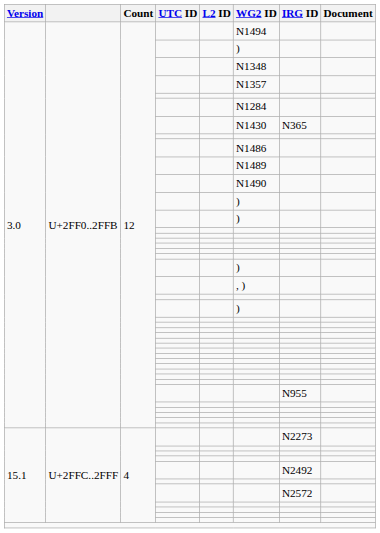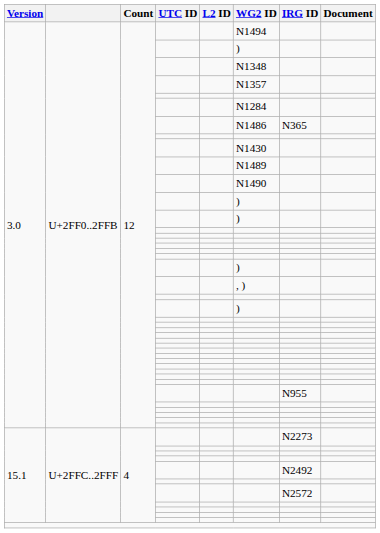 <table class="wikitable collapsible sticky-header">
 <tr>
 <th><a href='#'>Version</a></th>
 <th></th>
 <th>Count</th>
 <th><a href='#'>UTC</a> ID</th>
 <th><a href='#'>L2</a> ID</th>
 <th><a href='#'>WG2</a> ID</th>
 <th><a href='#'>IRG</a> ID</th>
 <th>Document</th>
 </tr>
 <tr>
 <td rowspan="42">3.0</td>
 <td rowspan="42">U+2FF0..2FFB</td>
 <td rowspan="42">12</td>
 <td></td>
 <td></td>
 <td>N1494</td>
 <td></td>
 <td></td>
 </tr>
 <tr>
 <td></td>
 <td></td>
 <td> )</td>
 <td></td>
 <td></td>
 </tr>
 <tr>
 <td></td>
 <td></td>
 <td>N1348</td>
 <td></td>
 <td></td>
 </tr>
 <tr>
 <td></td>
 <td></td>
 <td>N1357</td>
 <td></td>
 <td></td>
 </tr>
 <tr>
 <td></td>
 <td></td>
 <td></td>
 <td></td>
 <td></td>
 </tr>
 <tr>
 <td></td>
 <td></td>
 <td>N1284</td>
 <td></td>
 <td></td>
 </tr>
 <tr>
 <td></td>
 <td></td>
-<td>N1430</td>
+<td>N1486</td>
 <td>N365</td>
 <td></td>
 </tr>
 <tr>
 <td></td>
 <td></td>
 <td></td>
 <td></td>
 <td></td>
 </tr>
 <tr>
 <td></td>
 <td></td>
-<td>N1486</td>
+<td>N1430</td>
 <td></td>
 <td></td>
 </tr>
 <tr>
 <td></td>
 <td></td>
 <td>N1489</td>
 <td></td>
 <td></td>
 </tr>
 <tr>
 <td></td>
 <td></td>
 <td>N1490</td>
 <td></td>
 <td></td>
 </tr>
 <tr>
 <td></td>
 <td></td>
 <td> )</td>
 <td></td>
 <td></td>
 </tr>
 <tr>
 <td></td>
 <td></td>
 <td> )</td>
 <td></td>
 <td></td>
 </tr>
 <tr>
 <td></td>
 <td></td>
 <td></td>
 <td></td>
 <td></td>
 </tr>
 <tr>
 <td></td>
 <td></td>
 <td></td>
 <td></td>
 <td></td>
 </tr>
 <tr>
 <td></td>
 <td></td>
 <td></td>
 <td></td>
 <td></td>
 </tr>
 <tr>
 <td></td>
 <td></td>
 <td></td>
 <td></td>
 <td></td>
 </tr>
 <tr>
 <td></td>
 <td></td>
 <td></td>
 <td></td>
 <td></td>
 </tr>
 <tr>
 <td></td>
 <td></td>
 <td></td>
 <td></td>
 <td></td>
 </tr>
 <tr>
 <td></td>
 <td></td>
 <td> )</td>
 <td></td>
 <td></td>
 </tr>
 <tr>
 <td></td>
 <td></td>
 <td> , )</td>
 <td></td>
 <td></td>
 </tr>
 <tr>
 <td></td>
 <td></td>
 <td></td>
 <td></td>
 <td></td>
 </tr>
 <tr>
 <td></td>
 <td></td>
 <td> )</td>
 <td></td>
 <td></td>
 </tr>
 <tr>
 <td></td>
 <td></td>
 <td></td>
 <td></td>
 <td></td>
 </tr>
 <tr>
 <td></td>
 <td></td>
 <td></td>
 <td></td>
 <td></td>
 </tr>
 <tr>
 <td></td>
 <td></td>
 <td></td>
 <td></td>
 <td></td>
 </tr>
 <tr>
 <td></td>
 <td></td>
 <td></td>
 <td></td>
 <td></td>
 </tr>
 <tr>
 <td></td>
 <td></td>
 <td></td>
 <td></td>
 <td></td>
 </tr>
 <tr>
 <td></td>
 <td></td>
 <td></td>
 <td></td>
 <td></td>
 </tr>
 <tr>
 <td></td>
 <td></td>
 <td></td>
 <td></td>
 <td></td>
 </tr>
 <tr>
 <td></td>
 <td></td>
 <td></td>
 <td></td>
 <td></td>
 </tr>
 <tr>
 <td></td>
 <td></td>
 <td></td>
 <td></td>
 <td></td>
 </tr>
 <tr>
 <td></td>
 <td></td>
 <td></td>
 <td></td>
 <td></td>
 </tr>
 <tr>
 <td></td>
 <td></td>
 <td></td>
 <td></td>
 <td></td>
 </tr>
 <tr>
 <td></td>
 <td></td>
 <td></td>
 <td></td>
 <td></td>
 </tr>
 <tr>
 <td></td>
 <td></td>
 <td></td>
 <td></td>
 <td></td>
 </tr>
 <tr>
 <td></td>
 <td></td>
 <td></td>
 <td>N955</td>
 <td></td>
 </tr>
 <tr>
 <td></td>
 <td></td>
 <td></td>
 <td></td>
 <td></td>
 </tr>
 <tr>
 <td></td>
 <td></td>
 <td></td>
 <td></td>
 <td></td>
 </tr>
 <tr>
 <td></td>
 <td></td>
 <td></td>
 <td></td>
 <td></td>
 </tr>
 <tr>
 <td></td>
 <td></td>
 <td></td>
 <td></td>
 <td></td>
 </tr>
 <tr>
 <td></td>
 <td></td>
 <td></td>
 <td></td>
 <td></td>
 </tr>
 <tr>
 <td rowspan="11">15.1</td>
 <td rowspan="11">U+2FFC..2FFF</td>
 <td rowspan="11">4</td>
 <td></td>
 <td></td>
 <td></td>
 <td>N2273</td>
 <td></td>
 </tr>
 <tr>
 <td></td>
 <td></td>
 <td></td>
 <td></td>
 <td></td>
 </tr>
 <tr>
 <td></td>
 <td></td>
 <td></td>
 <td></td>
 <td></td>
 </tr>
 <tr>
 <td></td>
 <td></td>
 <td></td>
 <td></td>
 <td></td>
 </tr>
 <tr>
 <td></td>
 <td></td>
 <td></td>
 <td>N2492</td>
 <td></td>
 </tr>
 <tr>
 <td></td>
 <td></td>
 <td></td>
 <td></td>
 <td></td>
 </tr>
 <tr>
 <td></td>
 <td></td>
 <td></td>
 <td>N2572</td>
 <td></td>
 </tr>
 <tr>
 <td></td>
 <td></td>
 <td></td>
 <td></td>
 <td></td>
 </tr>
 <tr>
 <td></td>
 <td></td>
 <td></td>
 <td></td>
 <td></td>
 </tr>
 <tr>
 <td></td>
 <td></td>
 <td></td>
 <td></td>
 <td></td>
 </tr>
 <tr>
 <td></td>
 <td></td>
 <td></td>
 <td></td>
 <td></td>
 </tr>
 <tr class="sortbottom">
 <td colspan="8"></td>
 </tr>
 </table>
